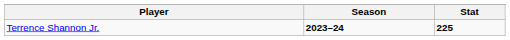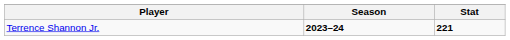 <table class="wikitable sortable" style="text-align: left; width: 65%">
 <tr>
 </tr>
 <tr>
 <th>Player</th>
 <th>Season</th>
 <th>Stat</th>
 </tr>
 <tr>
 <td><a href='#'>Terrence Shannon Jr.</a></td>
 <td><strong>2023–24</strong></td>
-<td><strong>225</strong></td>
+<td><strong>221</strong></td>
 </tr>
 </table>
